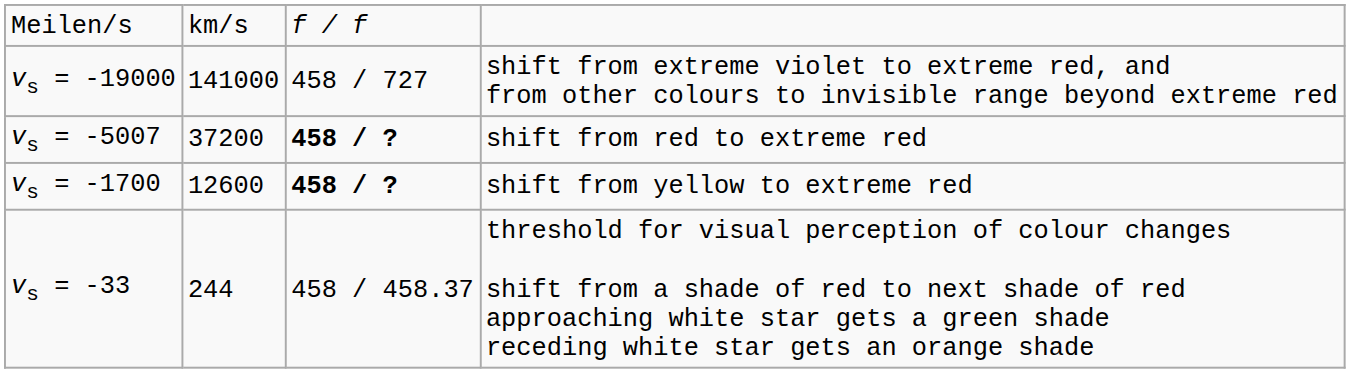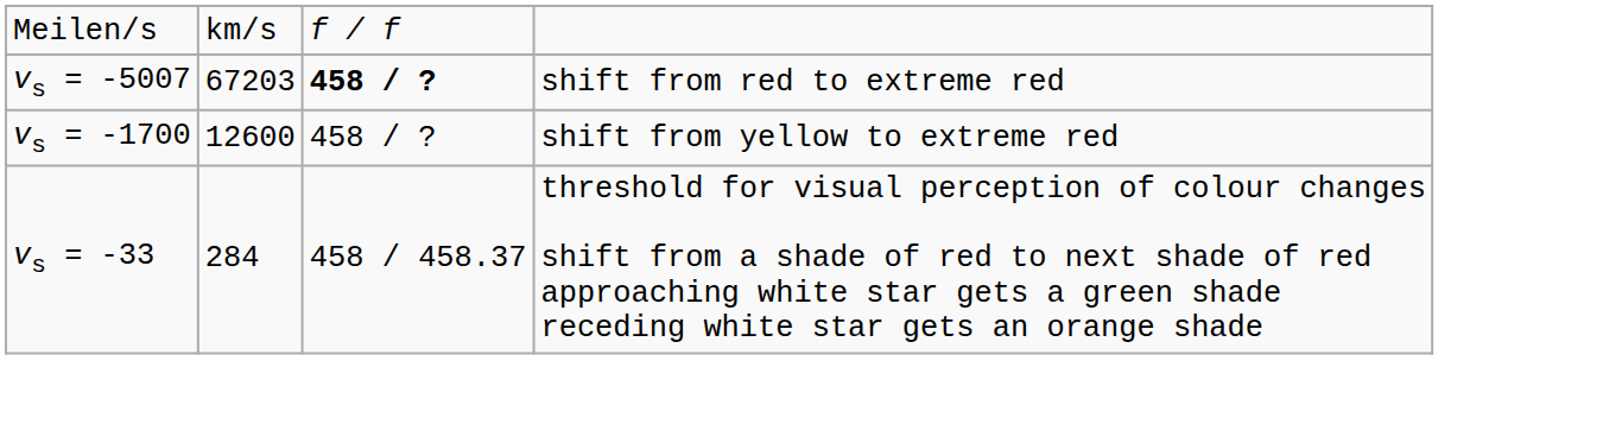 <table class="wikitable">
 <tr>
 <td>Meilen/s</td>
 <td>km/s</td>
 <td><em>f  / f</em></td>
 <td></td>
 </tr>
 <tr>
-<td><em>v</em><sub>s</sub> = -19000</td>
-<td>141000</td>
-<td>458 / 727</td>
-<td>shift from extreme violet to extreme red, and <br> from other colours to invisible range beyond extreme red</td>
-</tr>
-<tr>
 <td><em>v</em><sub>s</sub> = -5007</td>
-<td>37200</td>
+<td>67203</td>
 <td><strong>458 / ?</strong></td>
 <td>shift from red to extreme red</td>
 </tr>
 <tr>
 <td><em>v</em><sub>s</sub> = -1700</td>
 <td>12600</td>
-<td><strong>458 / ?</strong></td>
+<td>458 / ?</td>
 <td>shift from yellow to extreme red</td>
 </tr>
 <tr>
 <td><em>v</em><sub>s</sub> = -33</td>
-<td>244</td>
+<td>284</td>
 <td>458 / 458.37</td>
 <td>threshold for visual perception of colour changes <br><br>shift from a shade of red to next shade of red <br> approaching white star gets a green shade <br> receding white star gets an orange shade <br></td>
 </tr>
 </table>
